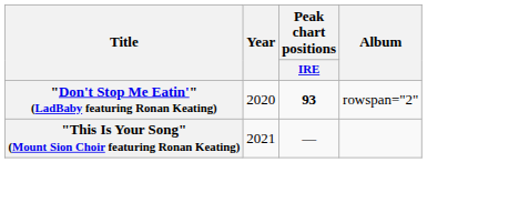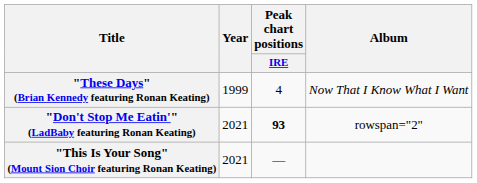 <table class="wikitable plainrowheaders" style=text-align:center;>
 <tr>
 <th scope="col" rowspan="2">Title</th>
 <th scope="col" rowspan="2">Year</th>
 <th scope="col" colspan="1">Peak chart positions</th>
 <th scope="col" rowspan="2">Album</th>
 </tr>
 <tr style=font-size:smaller>
 <th width="50"><a href='#'>IRE</a></th>
 </tr>
 <tr>
+<th scope="row">"<a href='#'>These Days</a>"<br><small>(<a href='#'>Brian Kennedy</a> featuring Ronan Keating)</small></th>
+<td>1999</td>
+<td>4</td>
+<td align="left"><em>Now That I Know What I Want</em></td>
+</tr>
+<tr>
 <th scope="row">"<a href='#'>Don't Stop Me Eatin'</a>"<br><small>(<a href='#'>LadBaby</a> featuring Ronan Keating)</small></th>
-<td>2020</td>
+<td>2021</td>
 <td><strong>93</strong></td>
 <td>rowspan="2" </td>
 </tr>
 <tr>
 <th scope="row">"This Is Your Song"<br><small>(<a href='#'>Mount Sion Choir</a> featuring Ronan Keating)</small></th>
 <td>2021</td>
 <td>—</td>
 </tr>
 </table>
